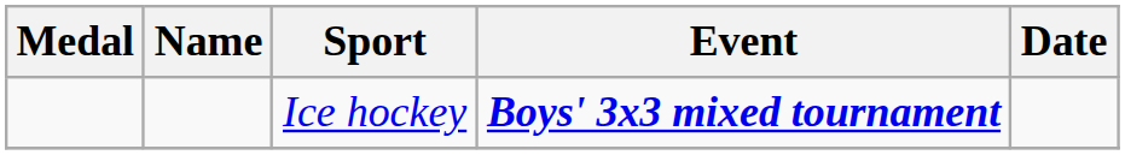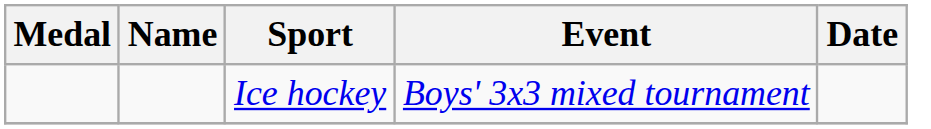 <table class="wikitable sortable" style="font-size: 95%">
 <tr>
 <th>Medal</th>
 <th>Name</th>
 <th>Sport</th>
 <th>Event</th>
 <th>Date</th>
 </tr>
 <tr>
 <td><em></em></td>
 <td><em></em></td>
 <td><em><a href='#'>Ice hockey</a></em></td>
-<td><strong><em><a href='#'>Boys' 3x3 mixed tournament</a></em></strong></td>
+<td><em><a href='#'>Boys' 3x3 mixed tournament</a></em></td>
 <td><em></em></td>
 </tr>
 <tr>
 </tr>
 </table>
